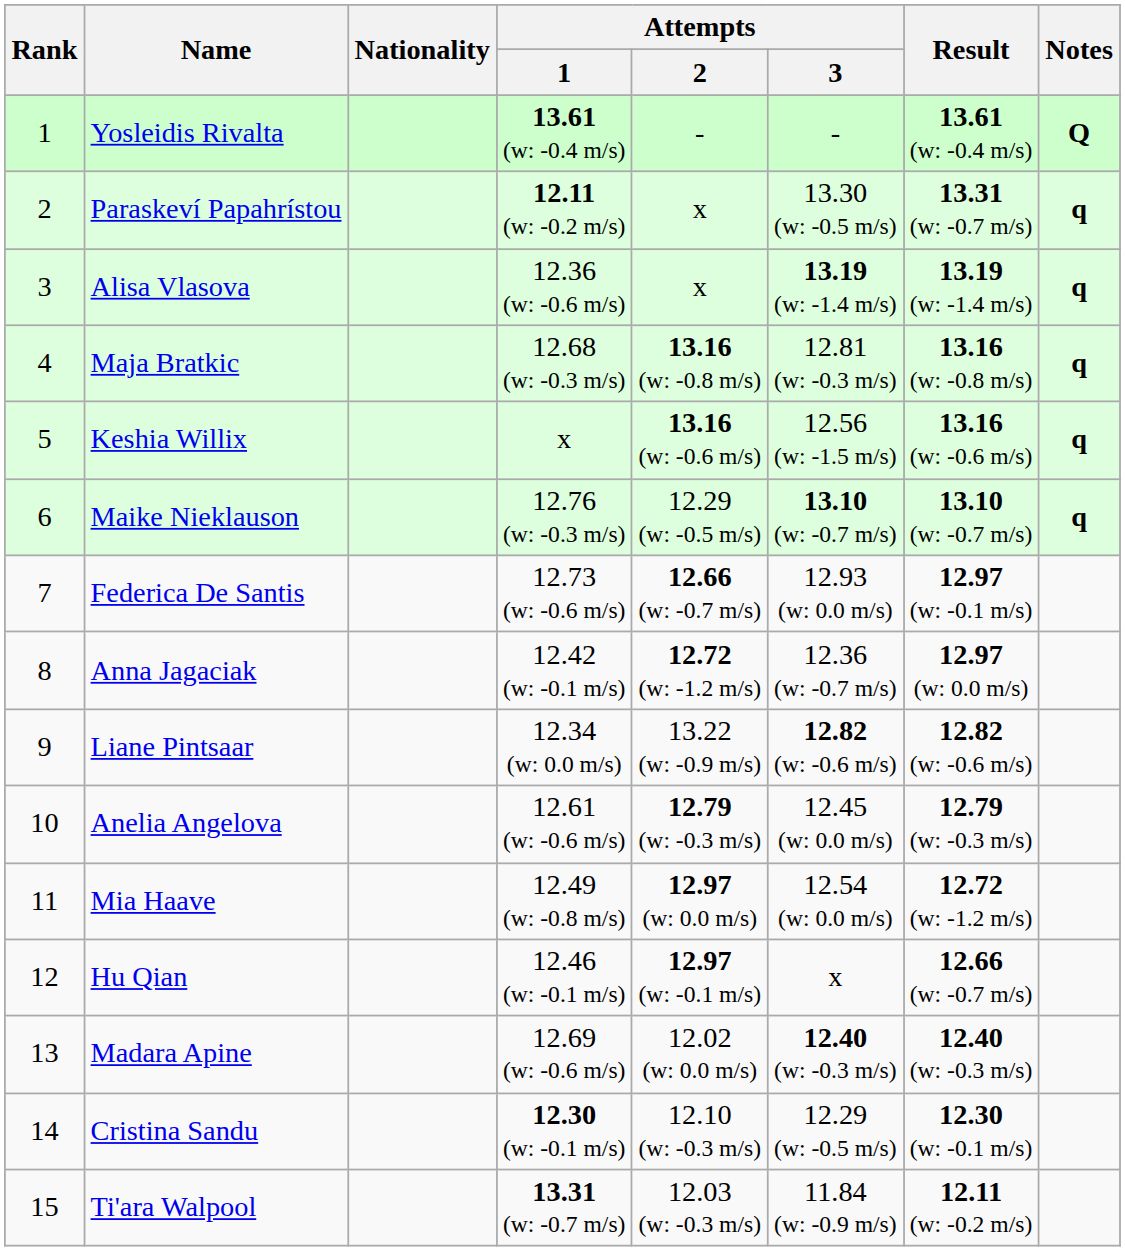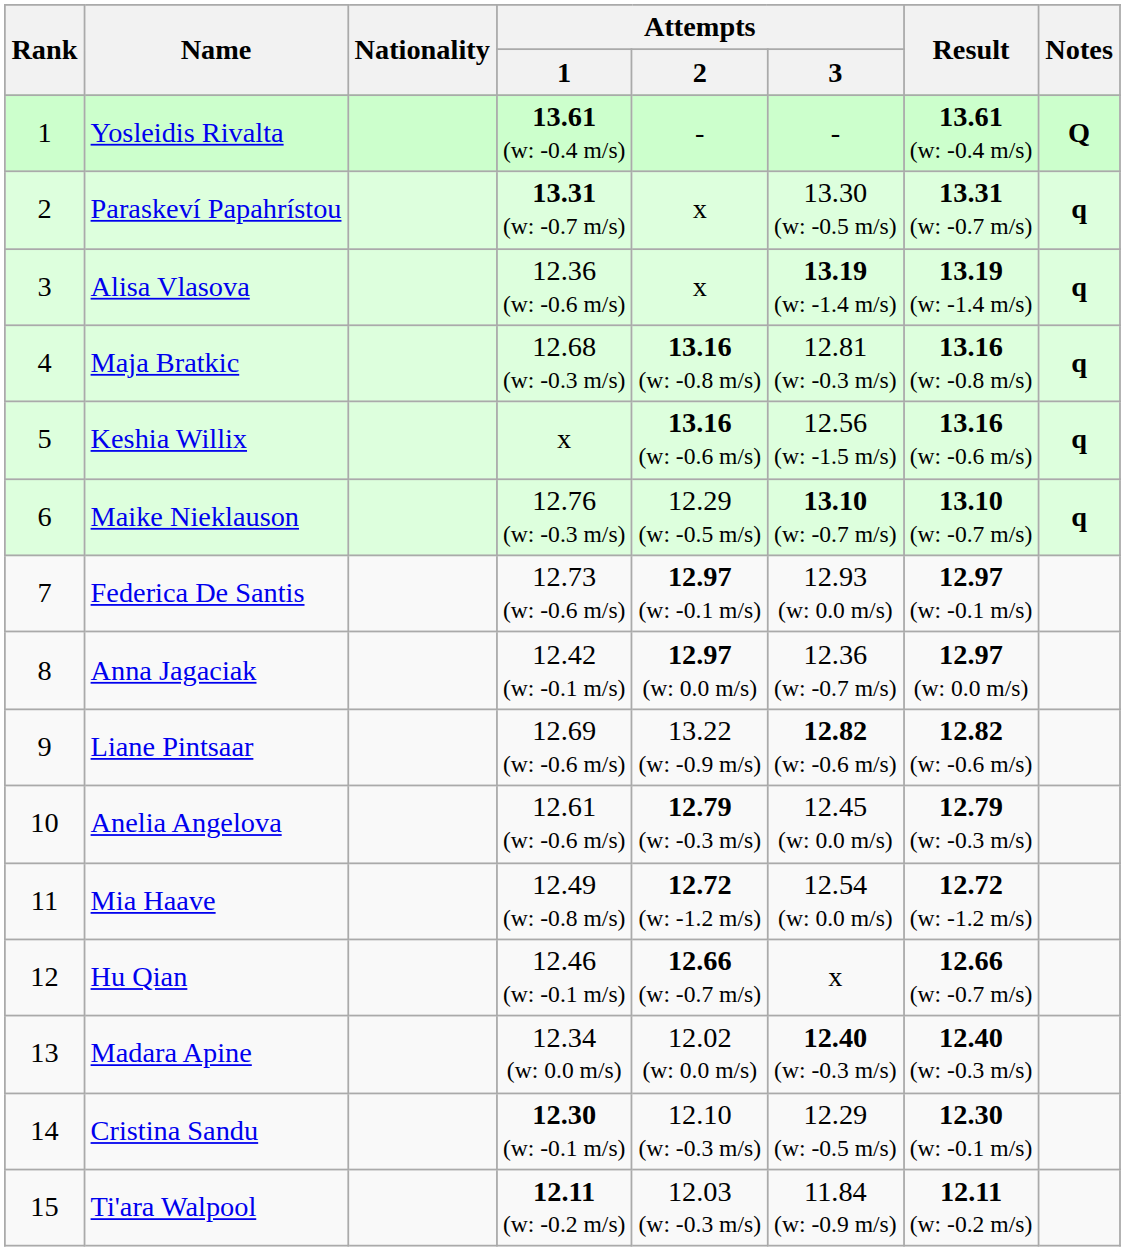 <table class="wikitable sortable" style="text-align:center">
 <tr>
 <th rowspan=2>Rank</th>
 <th rowspan=2>Name</th>
 <th rowspan=2>Nationality</th>
 <th colspan=3>Attempts</th>
 <th rowspan=2>Result</th>
 <th rowspan=2>Notes</th>
 </tr>
 <tr>
 <th>1</th>
 <th>2</th>
 <th>3</th>
 </tr>
 <tr bgcolor=ccffcc>
 <td>1</td>
 <td align=left><a href='#'>Yosleidis Rivalta</a></td>
 <td align=left></td>
 <td><strong>13.61</strong><br><small>(w: -0.4 m/s)</small></td>
 <td>-</td>
 <td>-</td>
 <td><strong>13.61</strong> <br><small>(w: -0.4 m/s)</small></td>
 <td><strong>Q</strong></td>
 </tr>
 <tr bgcolor=ddffdd>
 <td>2</td>
 <td align=left><a href='#'>Paraskeví Papahrístou</a></td>
 <td align=left></td>
-<td><strong>12.11</strong><br><small>(w: -0.2 m/s)</small></td>
+<td><strong>13.31</strong><br><small>(w: -0.7 m/s)</small></td>
 <td>x</td>
 <td>13.30<br><small>(w: -0.5 m/s)</small></td>
 <td><strong>13.31</strong> <br><small>(w: -0.7 m/s)</small></td>
 <td><strong>q</strong></td>
 </tr>
 <tr bgcolor=ddffdd>
 <td>3</td>
 <td align=left><a href='#'>Alisa Vlasova</a></td>
 <td align=left></td>
 <td>12.36<br><small>(w: -0.6 m/s)</small></td>
 <td>x</td>
 <td><strong>13.19</strong><br><small>(w: -1.4 m/s)</small></td>
 <td><strong>13.19</strong> <br><small>(w: -1.4 m/s)</small></td>
 <td><strong>q</strong></td>
 </tr>
 <tr bgcolor=ddffdd>
 <td>4</td>
 <td align=left><a href='#'>Maja Bratkic</a></td>
 <td align=left></td>
 <td>12.68<br><small>(w: -0.3 m/s)</small></td>
 <td><strong>13.16</strong><br><small>(w: -0.8 m/s)</small></td>
 <td>12.81<br><small>(w: -0.3 m/s)</small></td>
 <td><strong>13.16</strong> <br><small>(w: -0.8 m/s)</small></td>
 <td><strong>q</strong></td>
 </tr>
 <tr bgcolor=ddffdd>
 <td>5</td>
 <td align=left><a href='#'>Keshia Willix</a></td>
 <td align=left></td>
 <td>x</td>
 <td><strong>13.16</strong><br><small>(w: -0.6 m/s)</small></td>
 <td>12.56<br><small>(w: -1.5 m/s)</small></td>
 <td><strong>13.16</strong> <br><small>(w: -0.6 m/s)</small></td>
 <td><strong>q</strong></td>
 </tr>
 <tr bgcolor=ddffdd>
 <td>6</td>
 <td align=left><a href='#'>Maike Nieklauson</a></td>
 <td align=left></td>
 <td>12.76<br><small>(w: -0.3 m/s)</small></td>
 <td>12.29<br><small>(w: -0.5 m/s)</small></td>
 <td><strong>13.10</strong><br><small>(w: -0.7 m/s)</small></td>
 <td><strong>13.10</strong> <br><small>(w: -0.7 m/s)</small></td>
 <td><strong>q</strong></td>
 </tr>
 <tr>
 <td>7</td>
 <td align=left><a href='#'>Federica De Santis</a></td>
 <td align=left></td>
 <td>12.73<br><small>(w: -0.6 m/s)</small></td>
-<td><strong>12.66</strong><br><small>(w: -0.7 m/s)</small></td>
+<td><strong>12.97</strong><br><small>(w: -0.1 m/s)</small></td>
 <td>12.93<br><small>(w: 0.0 m/s)</small></td>
 <td><strong>12.97</strong> <br><small>(w: -0.1 m/s)</small></td>
 <td></td>
 </tr>
 <tr>
 <td>8</td>
 <td align=left><a href='#'>Anna Jagaciak</a></td>
 <td align=left></td>
 <td>12.42<br><small>(w: -0.1 m/s)</small></td>
-<td><strong>12.72</strong><br><small>(w: -1.2 m/s)</small></td>
+<td><strong>12.97</strong><br><small>(w: 0.0 m/s)</small></td>
 <td>12.36<br><small>(w: -0.7 m/s)</small></td>
 <td><strong>12.97</strong> <br><small>(w: 0.0 m/s)</small></td>
 <td></td>
 </tr>
 <tr>
 <td>9</td>
 <td align=left><a href='#'>Liane Pintsaar</a></td>
 <td align=left></td>
-<td>12.34<br><small>(w: 0.0 m/s)</small></td>
+<td>12.69<br><small>(w: -0.6 m/s)</small></td>
 <td>13.22<br><small>(w: -0.9 m/s)</small></td>
 <td><strong>12.82</strong><br><small>(w: -0.6 m/s)</small></td>
 <td><strong>12.82</strong> <br><small>(w: -0.6 m/s)</small></td>
 <td></td>
 </tr>
 <tr>
 <td>10</td>
 <td align=left><a href='#'>Anelia Angelova</a></td>
 <td align=left></td>
 <td>12.61<br><small>(w: -0.6 m/s)</small></td>
 <td><strong>12.79</strong><br><small>(w: -0.3 m/s)</small></td>
 <td>12.45<br><small>(w: 0.0 m/s)</small></td>
 <td><strong>12.79</strong> <br><small>(w: -0.3 m/s)</small></td>
 <td></td>
 </tr>
 <tr>
 <td>11</td>
 <td align=left><a href='#'>Mia Haave</a></td>
 <td align=left></td>
 <td>12.49<br><small>(w: -0.8 m/s)</small></td>
-<td><strong>12.97</strong><br><small>(w: 0.0 m/s)</small></td>
+<td><strong>12.72</strong><br><small>(w: -1.2 m/s)</small></td>
 <td>12.54<br><small>(w: 0.0 m/s)</small></td>
 <td><strong>12.72</strong> <br><small>(w: -1.2 m/s)</small></td>
 <td></td>
 </tr>
 <tr>
 <td>12</td>
 <td align=left><a href='#'>Hu Qian</a></td>
 <td align=left></td>
 <td>12.46<br><small>(w: -0.1 m/s)</small></td>
-<td><strong>12.97</strong><br><small>(w: -0.1 m/s)</small></td>
+<td><strong>12.66</strong><br><small>(w: -0.7 m/s)</small></td>
 <td>x</td>
 <td><strong>12.66</strong> <br><small>(w: -0.7 m/s)</small></td>
 <td></td>
 </tr>
 <tr>
 <td>13</td>
 <td align=left><a href='#'>Madara Apine</a></td>
 <td align=left></td>
-<td>12.69<br><small>(w: -0.6 m/s)</small></td>
+<td>12.34<br><small>(w: 0.0 m/s)</small></td>
 <td>12.02<br><small>(w: 0.0 m/s)</small></td>
 <td><strong>12.40</strong><br><small>(w: -0.3 m/s)</small></td>
 <td><strong>12.40</strong> <br><small>(w: -0.3 m/s)</small></td>
 <td></td>
 </tr>
 <tr>
 <td>14</td>
 <td align=left><a href='#'>Cristina Sandu</a></td>
 <td align=left></td>
 <td><strong>12.30</strong><br><small>(w: -0.1 m/s)</small></td>
 <td>12.10<br><small>(w: -0.3 m/s)</small></td>
 <td>12.29<br><small>(w: -0.5 m/s)</small></td>
 <td><strong>12.30</strong> <br><small>(w: -0.1 m/s)</small></td>
 <td></td>
 </tr>
 <tr>
 <td>15</td>
 <td align=left><a href='#'>Ti'ara Walpool</a></td>
 <td align=left></td>
-<td><strong>13.31</strong><br><small>(w: -0.7 m/s)</small></td>
+<td><strong>12.11</strong><br><small>(w: -0.2 m/s)</small></td>
 <td>12.03<br><small>(w: -0.3 m/s)</small></td>
 <td>11.84<br><small>(w: -0.9 m/s)</small></td>
 <td><strong>12.11</strong> <br><small>(w: -0.2 m/s)</small></td>
 <td></td>
 </tr>
 </table>
